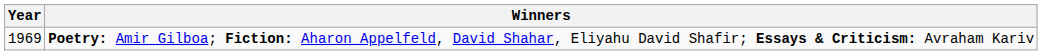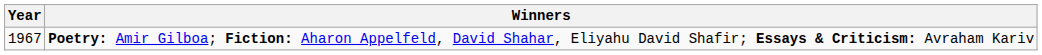 <table class="wikitable">
 <tr>
 <th>Year</th>
 <th>Winners</th>
 </tr>
 <tr>
-<td>1969</td>
+<td>1967</td>
 <td><strong>Poetry:</strong> <a href='#'>Amir Gilboa</a>; <strong>Fiction:</strong> <a href='#'>Aharon Appelfeld</a>, <a href='#'>David Shahar</a>, Eliyahu David Shafir; <strong>Essays & Criticism:</strong> Avraham Kariv</td>
 </tr>
 </table>
